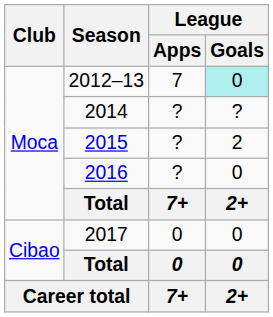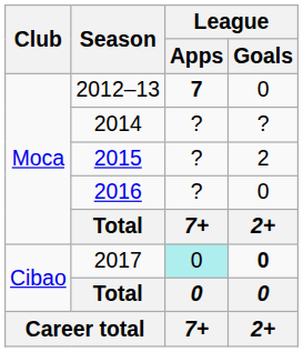 <table class="wikitable" style="text-align: center;">
 <tr>
 <th rowspan="2">Club</th>
 <th rowspan="2">Season</th>
 <th colspan="2">League</th>
 </tr>
 <tr>
 <th>Apps</th>
 <th>Goals</th>
 </tr>
 <tr>
 <td rowspan="5"><a href='#'>Moca</a></td>
 <td>2012–13</td>
-<td>7</td>
-<td style="background: paleturquoise;">0</td>
+<td><strong>7</strong></td>
+<td>0</td>
 </tr>
 <tr>
 <td>2014</td>
 <td>?</td>
 <td>?</td>
 </tr>
 <tr>
 <td><a href='#'>2015</a></td>
 <td>?</td>
 <td>2</td>
 </tr>
 <tr>
 <td><a href='#'>2016</a></td>
 <td>?</td>
 <td>0</td>
 </tr>
 <tr>
 <th>Total</th>
 <th><em>7+</em></th>
 <th><em>2+</em></th>
 </tr>
 <tr>
 <td rowspan="2"><a href='#'>Cibao</a></td>
 <td>2017</td>
-<td>0</td>
-<td>0</td>
+<td style="background: paleturquoise;">0</td>
+<td><strong>0</strong></td>
 </tr>
 <tr>
 <th>Total</th>
 <th><em>0</em></th>
 <th><em>0</em></th>
 </tr>
 <tr>
 <th colspan="2">Career total</th>
 <th><em>7+</em></th>
 <th><em>2+</em></th>
 </tr>
 </table>
